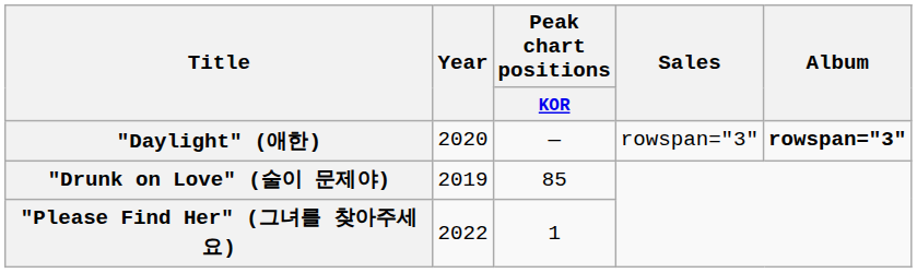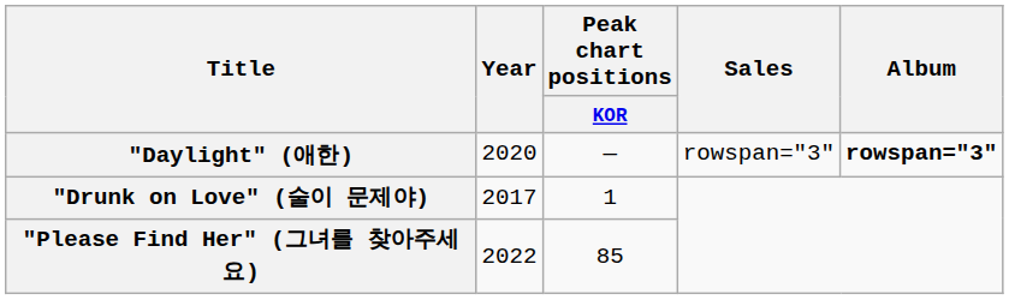 <table class="wikitable plainrowheaders" style="text-align:center;">
 <tr>
 <th scope="col" rowspan="2" style="width:20em;">Title</th>
 <th scope="col" rowspan="2">Year</th>
 <th scope="col" colspan="1" style="width:5em;">Peak chart positions</th>
 <th scope="col" rowspan="2">Sales</th>
 <th scope="col" rowspan="2">Album</th>
 </tr>
 <tr>
 <th><small><a href='#'>KOR</a></small><br></th>
 </tr>
 <tr>
 <th scope="row">"Daylight" (애한)</th>
 <td>2020</td>
 <td>—</td>
 <td>rowspan="3" </td>
 <td><strong>rowspan="3" </strong></td>
 </tr>
 <tr>
 <th scope="row">"Drunk on Love" (술이 문제야)<br></th>
-<td>2019</td>
-<td>85</td>
+<td>2017</td>
+<td>1</td>
 </tr>
 <tr>
 <th scope="row">"Please Find Her" (그녀를 찾아주세요)</th>
 <td>2022</td>
-<td>1</td>
+<td>85</td>
 </tr>
 </table>
